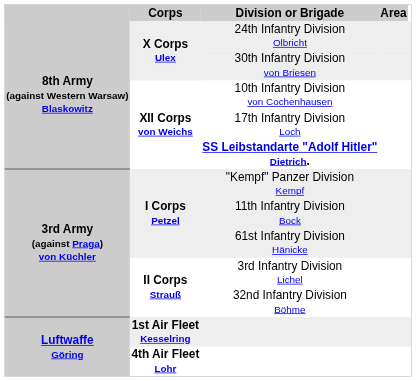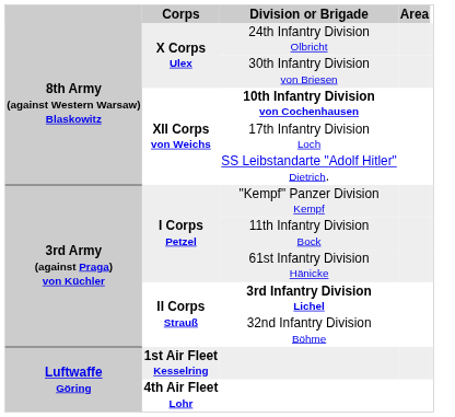 <table border="0" cellspacing="0" cellpadding="2" style="text-align:center;border:1px solid #ccc;">
 <tr>
 <th ROWSPAN=1 style="background:#ccc;"></th>
 <td style="background:#ccc;"><strong>Corps</strong></td>
 <td style="background:#ccc;"><strong>Division or Brigade</strong></td>
 <td style="background:#ccc;"><strong>Area</strong></td>
 </tr>
 <tr style="background:#eee;">
 <th ROWSPAN=5 style="background:#ccc; border-bottom:1px solid gray;">8th Army <br><small>(against Western Warsaw)</small><br><small><a href='#'>Blaskowitz</a></small></th>
 <th ROWSPAN=2 style="background:#eee;">X Corps <br><small><a href='#'>Ulex</a></small></th>
 <td>24th Infantry Division <br><small><a href='#'>Olbricht</a></small></td>
 <td></td>
 <td></td>
 </tr>
 <tr style="background:#eee;">
 <td>30th Infantry Division<br><small><a href='#'>von Briesen</a></small></td>
 <td></td>
 <td></td>
 </tr>
 <tr>
 <th ROWSPAN=3>XII Corps <br><small><a href='#'>von Weichs</a></small></th>
-<td>10th Infantry Division<br><small><a href='#'>von Cochenhausen</a></small></td>
+<td><strong>10th Infantry Division<br><small><a href='#'>von Cochenhausen</a></small></strong></td>
 <td></td>
 <td></td>
 </tr>
 <tr>
 <td>17th Infantry Division<br><small><a href='#'>Loch</a></small></td>
 <td></td>
 <td></td>
 </tr>
 <tr>
-<td><strong><a href='#'>SS Leibstandarte "Adolf Hitler"</a><br><small><a href='#'>Dietrich</a></small>.</strong></td>
+<td><a href='#'>SS Leibstandarte "Adolf Hitler"</a><br><small><a href='#'>Dietrich</a></small>.</td>
 <td></td>
 <td></td>
 </tr>
 <tr style="background:#eee;">
 <th ROWSPAN=5 style="background:#ccc; border-top:1px solid gray; border-bottom:1px solid gray;">3rd Army <br><small>(against <a href='#'>Praga</a>)</small><br><small><a href='#'>von Küchler</a></small></th>
 <th ROWSPAN=3>I Corps <br><small><a href='#'>Petzel</a></small></th>
 <td>"Kempf" Panzer Division <br><small><a href='#'>Kempf</a></small></td>
 <td></td>
 <td></td>
 </tr>
 <tr style="background:#eee;">
 <td>11th Infantry Division <br><small><a href='#'>Bock</a></small></td>
 <td></td>
 <td></td>
 </tr>
 <tr style="background:#eee;">
 <td>61st Infantry Division <br><small><a href='#'>Hänicke</a></small></td>
 <td></td>
 <td></td>
 </tr>
 <tr>
 <th ROWSPAN=2>II Corps <br><small><a href='#'>Strauß</a></small></th>
-<td>3rd Infantry Division<br><small><a href='#'>Lichel</a></small></td>
+<td><strong>3rd Infantry Division<br><small><a href='#'>Lichel</a></small></strong></td>
 <td></td>
 <td></td>
 </tr>
 <tr>
 <td>32nd Infantry Division <br><small><a href='#'>Böhme</a></small></td>
 <td></td>
 <td></td>
 </tr>
 <tr style="background:#eee;">
 <th ROWSPAN=2 style="background:#ccc; border-top:1px solid gray;"><a href='#'>Luftwaffe</a><br><small><a href='#'>Göring</a></small></th>
 <th ROWSPAN=1>1st Air Fleet <br><small><a href='#'>Kesselring</a></small></th>
 <td></td>
 <td></td>
 <td></td>
 </tr>
 <tr>
 <th ROWSPAN=1>4th Air Fleet<br><small><a href='#'>Lohr</a></small></th>
 <td></td>
 <td></td>
 <td></td>
 </tr>
 </table>
